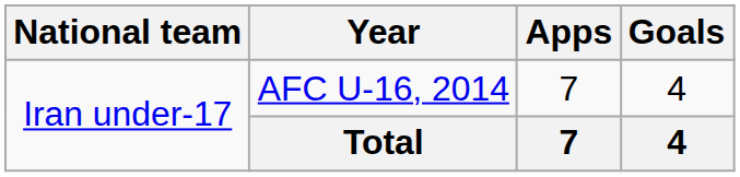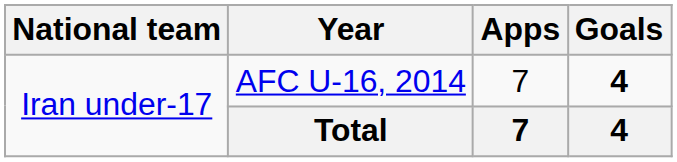 <table class="wikitable" style="text-align:center">
 <tr>
 <th>National team</th>
 <th>Year</th>
 <th>Apps</th>
 <th>Goals</th>
 </tr>
 <tr>
 <td rowspan="2"><a href='#'>Iran under-17</a></td>
 <td><a href='#'>AFC U-16, 2014</a></td>
 <td>7</td>
-<td>4</td>
+<td><strong>4</strong></td>
 </tr>
 <tr>
 <th colspan="1">Total</th>
 <th>7</th>
 <th>4</th>
 </tr>
 </table>
